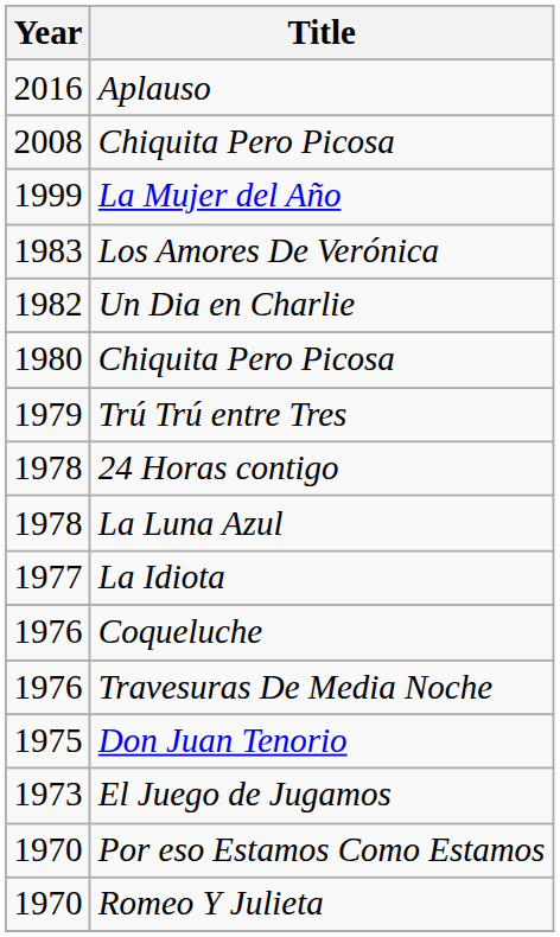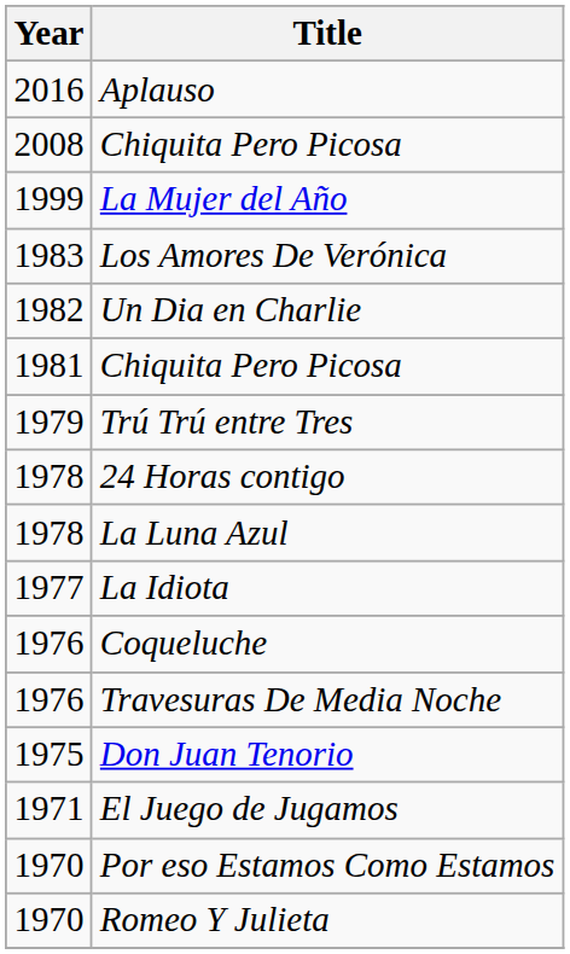 <table class="wikitable">
 <tr>
 <th>Year</th>
 <th>Title</th>
 </tr>
 <tr>
 <td>2016</td>
 <td><em>Aplauso</em></td>
 </tr>
 <tr>
 <td>2008</td>
 <td><em>Chiquita Pero Picosa</em></td>
 </tr>
 <tr>
 <td>1999</td>
 <td><em><a href='#'>La Mujer del Año</a></em></td>
 </tr>
 <tr>
 <td>1983</td>
 <td><em>Los Amores De Verónica</em></td>
 </tr>
 <tr>
 <td>1982</td>
 <td><em>Un Dia en Charlie</em></td>
 </tr>
 <tr>
-<td>1980</td>
+<td>1981</td>
 <td><em>Chiquita Pero Picosa</em></td>
 </tr>
 <tr>
 <td>1979</td>
 <td><em>Trú Trú entre Tres</em></td>
 </tr>
 <tr>
 <td>1978</td>
 <td><em>24 Horas contigo</em></td>
 </tr>
 <tr>
 <td>1978</td>
 <td><em>La Luna Azul</em></td>
 </tr>
 <tr>
 <td>1977</td>
 <td><em>La Idiota</em></td>
 </tr>
 <tr>
 <td>1976</td>
 <td><em>Coqueluche</em></td>
 </tr>
 <tr>
 <td>1976</td>
 <td><em>Travesuras De Media Noche</em></td>
 </tr>
 <tr>
 <td>1975</td>
 <td><em><a href='#'>Don Juan Tenorio</a></em></td>
 </tr>
 <tr>
-<td>1973</td>
+<td>1971</td>
 <td><em>El Juego de Jugamos</em></td>
 </tr>
 <tr>
 <td>1970</td>
 <td><em>Por eso Estamos Como Estamos</em></td>
 </tr>
 <tr>
 <td>1970</td>
 <td><em>Romeo Y Julieta</em></td>
 </tr>
 <tr>
 </tr>
 </table>
